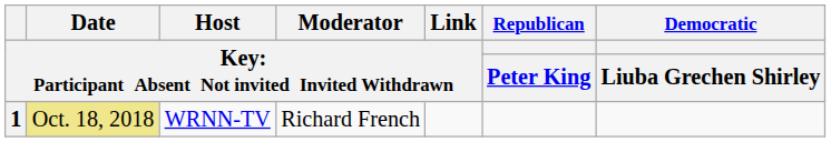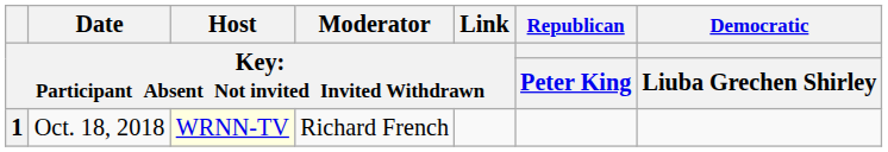 <table class="wikitable" style="text-align:center;">
 <tr>
 <th scope="col"></th>
 <th scope="col">Date</th>
 <th scope="col">Host</th>
 <th scope="col">Moderator</th>
 <th scope="col">Link</th>
 <th scope="col"><small><a href='#'>Republican</a></small></th>
 <th scope="col"><small><a href='#'>Democratic</a></small></th>
 </tr>
 <tr>
 <th colspan="5" rowspan="2">Key:<br> <small>Participant </small>  <small>Absent </small>  <small>Not invited </small>  <small>Invited  Withdrawn</small></th>
 <th scope="col" style="background:"></th>
 <th scope="col" style="background:"></th>
 </tr>
 <tr>
 <th scope="col"><a href='#'>Peter King</a></th>
 <th scope="col">Liuba Grechen Shirley</th>
 </tr>
 <tr>
 <th>1</th>
-<td style="background: khaki; white-space:nowrap;">Oct. 18, 2018</td>
-<td style="white-space:nowrap;"><a href='#'>WRNN-TV</a></td>
+<td style="white-space:nowrap;">Oct. 18, 2018</td>
+<td style="background: lightyellow; white-space:nowrap;"><a href='#'>WRNN-TV</a></td>
 <td style="white-space:nowrap;">Richard French</td>
 <td style="white-space:nowrap;"></td>
 <td></td>
 <td></td>
 </tr>
 </table>
